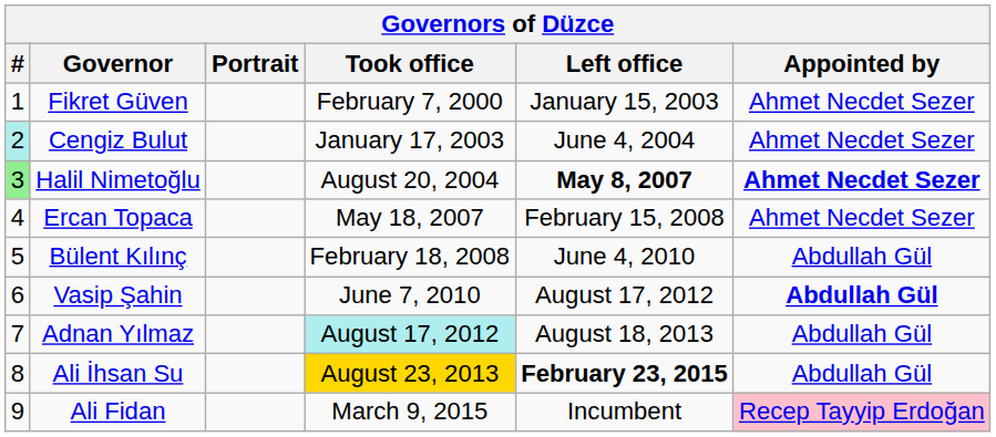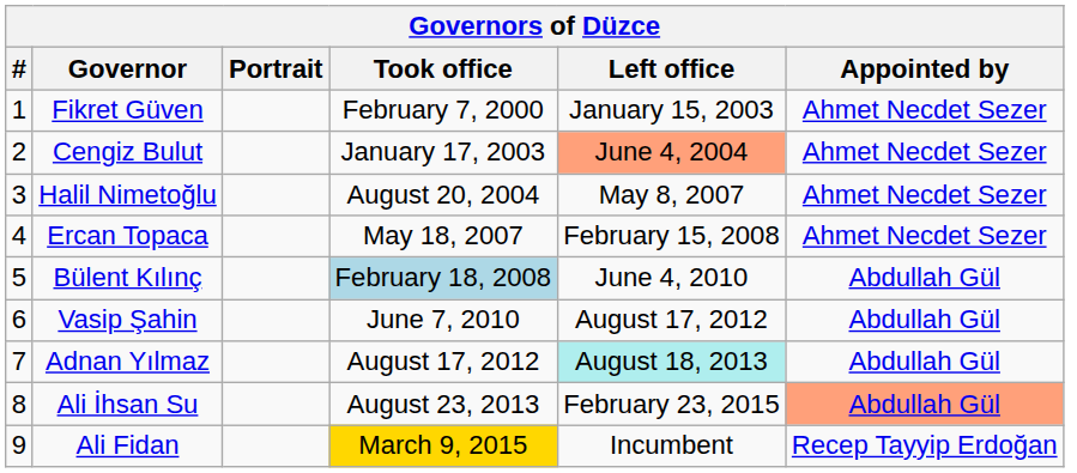 <table class="wikitable" style="text-align:center">
 <tr>
 <th colspan="6"><a href='#'>Governors</a> of <a href='#'>Düzce</a></th>
 </tr>
 <tr>
 <th>#</th>
 <th>Governor</th>
 <th>Portrait</th>
 <th>Took office</th>
 <th>Left office</th>
 <th>Appointed by</th>
 </tr>
 <tr>
 <td>1</td>
 <td><a href='#'>Fikret Güven</a></td>
 <td></td>
 <td>February 7, 2000</td>
 <td>January 15, 2003</td>
 <td><a href='#'>Ahmet Necdet Sezer</a></td>
 </tr>
 <tr>
-<td style="background: paleturquoise;">2</td>
+<td>2</td>
 <td><a href='#'>Cengiz Bulut</a></td>
 <td></td>
 <td>January 17, 2003</td>
-<td>June 4, 2004</td>
+<td style="background: lightsalmon;">June 4, 2004</td>
 <td><a href='#'>Ahmet Necdet Sezer</a></td>
 </tr>
 <tr>
-<td style="background: lightgreen;">3</td>
+<td>3</td>
 <td><a href='#'>Halil Nimetoğlu</a></td>
 <td></td>
 <td>August 20, 2004</td>
-<td><strong>May 8, 2007</strong></td>
-<td><strong><a href='#'>Ahmet Necdet Sezer</a></strong></td>
+<td>May 8, 2007</td>
+<td><a href='#'>Ahmet Necdet Sezer</a></td>
 </tr>
 <tr>
 <td>4</td>
 <td><a href='#'>Ercan Topaca</a></td>
 <td></td>
 <td>May 18, 2007</td>
 <td>February 15, 2008</td>
 <td><a href='#'>Ahmet Necdet Sezer</a></td>
 </tr>
 <tr>
 <td>5</td>
 <td><a href='#'>Bülent Kılınç</a></td>
 <td></td>
-<td>February 18, 2008</td>
+<td style="background: lightblue;">February 18, 2008</td>
 <td>June 4, 2010</td>
 <td><a href='#'>Abdullah Gül</a></td>
 </tr>
 <tr>
 <td>6</td>
 <td><a href='#'>Vasip Şahin</a></td>
 <td></td>
 <td>June 7, 2010</td>
 <td>August 17, 2012</td>
-<td><strong><a href='#'>Abdullah Gül</a></strong></td>
+<td><a href='#'>Abdullah Gül</a></td>
 </tr>
 <tr>
 <td>7</td>
 <td><a href='#'>Adnan Yılmaz</a></td>
 <td></td>
-<td style="background: paleturquoise;">August 17, 2012</td>
-<td>August 18, 2013</td>
+<td>August 17, 2012</td>
+<td style="background: paleturquoise;">August 18, 2013</td>
 <td><a href='#'>Abdullah Gül</a></td>
 </tr>
 <tr>
 <td>8</td>
 <td><a href='#'>Ali İhsan Su</a></td>
 <td></td>
-<td style="background: gold;">August 23, 2013</td>
-<td><strong>February 23, 2015</strong></td>
-<td><a href='#'>Abdullah Gül</a></td>
+<td>August 23, 2013</td>
+<td>February 23, 2015</td>
+<td style="background: lightsalmon;"><a href='#'>Abdullah Gül</a></td>
 </tr>
 <tr>
 <td>9</td>
 <td><a href='#'>Ali Fidan</a></td>
 <td></td>
-<td>March 9, 2015</td>
+<td style="background: gold;">March 9, 2015</td>
 <td>Incumbent</td>
-<td style="background: pink;"><a href='#'>Recep Tayyip Erdoğan</a></td>
+<td><a href='#'>Recep Tayyip Erdoğan</a></td>
 </tr>
 </table>
